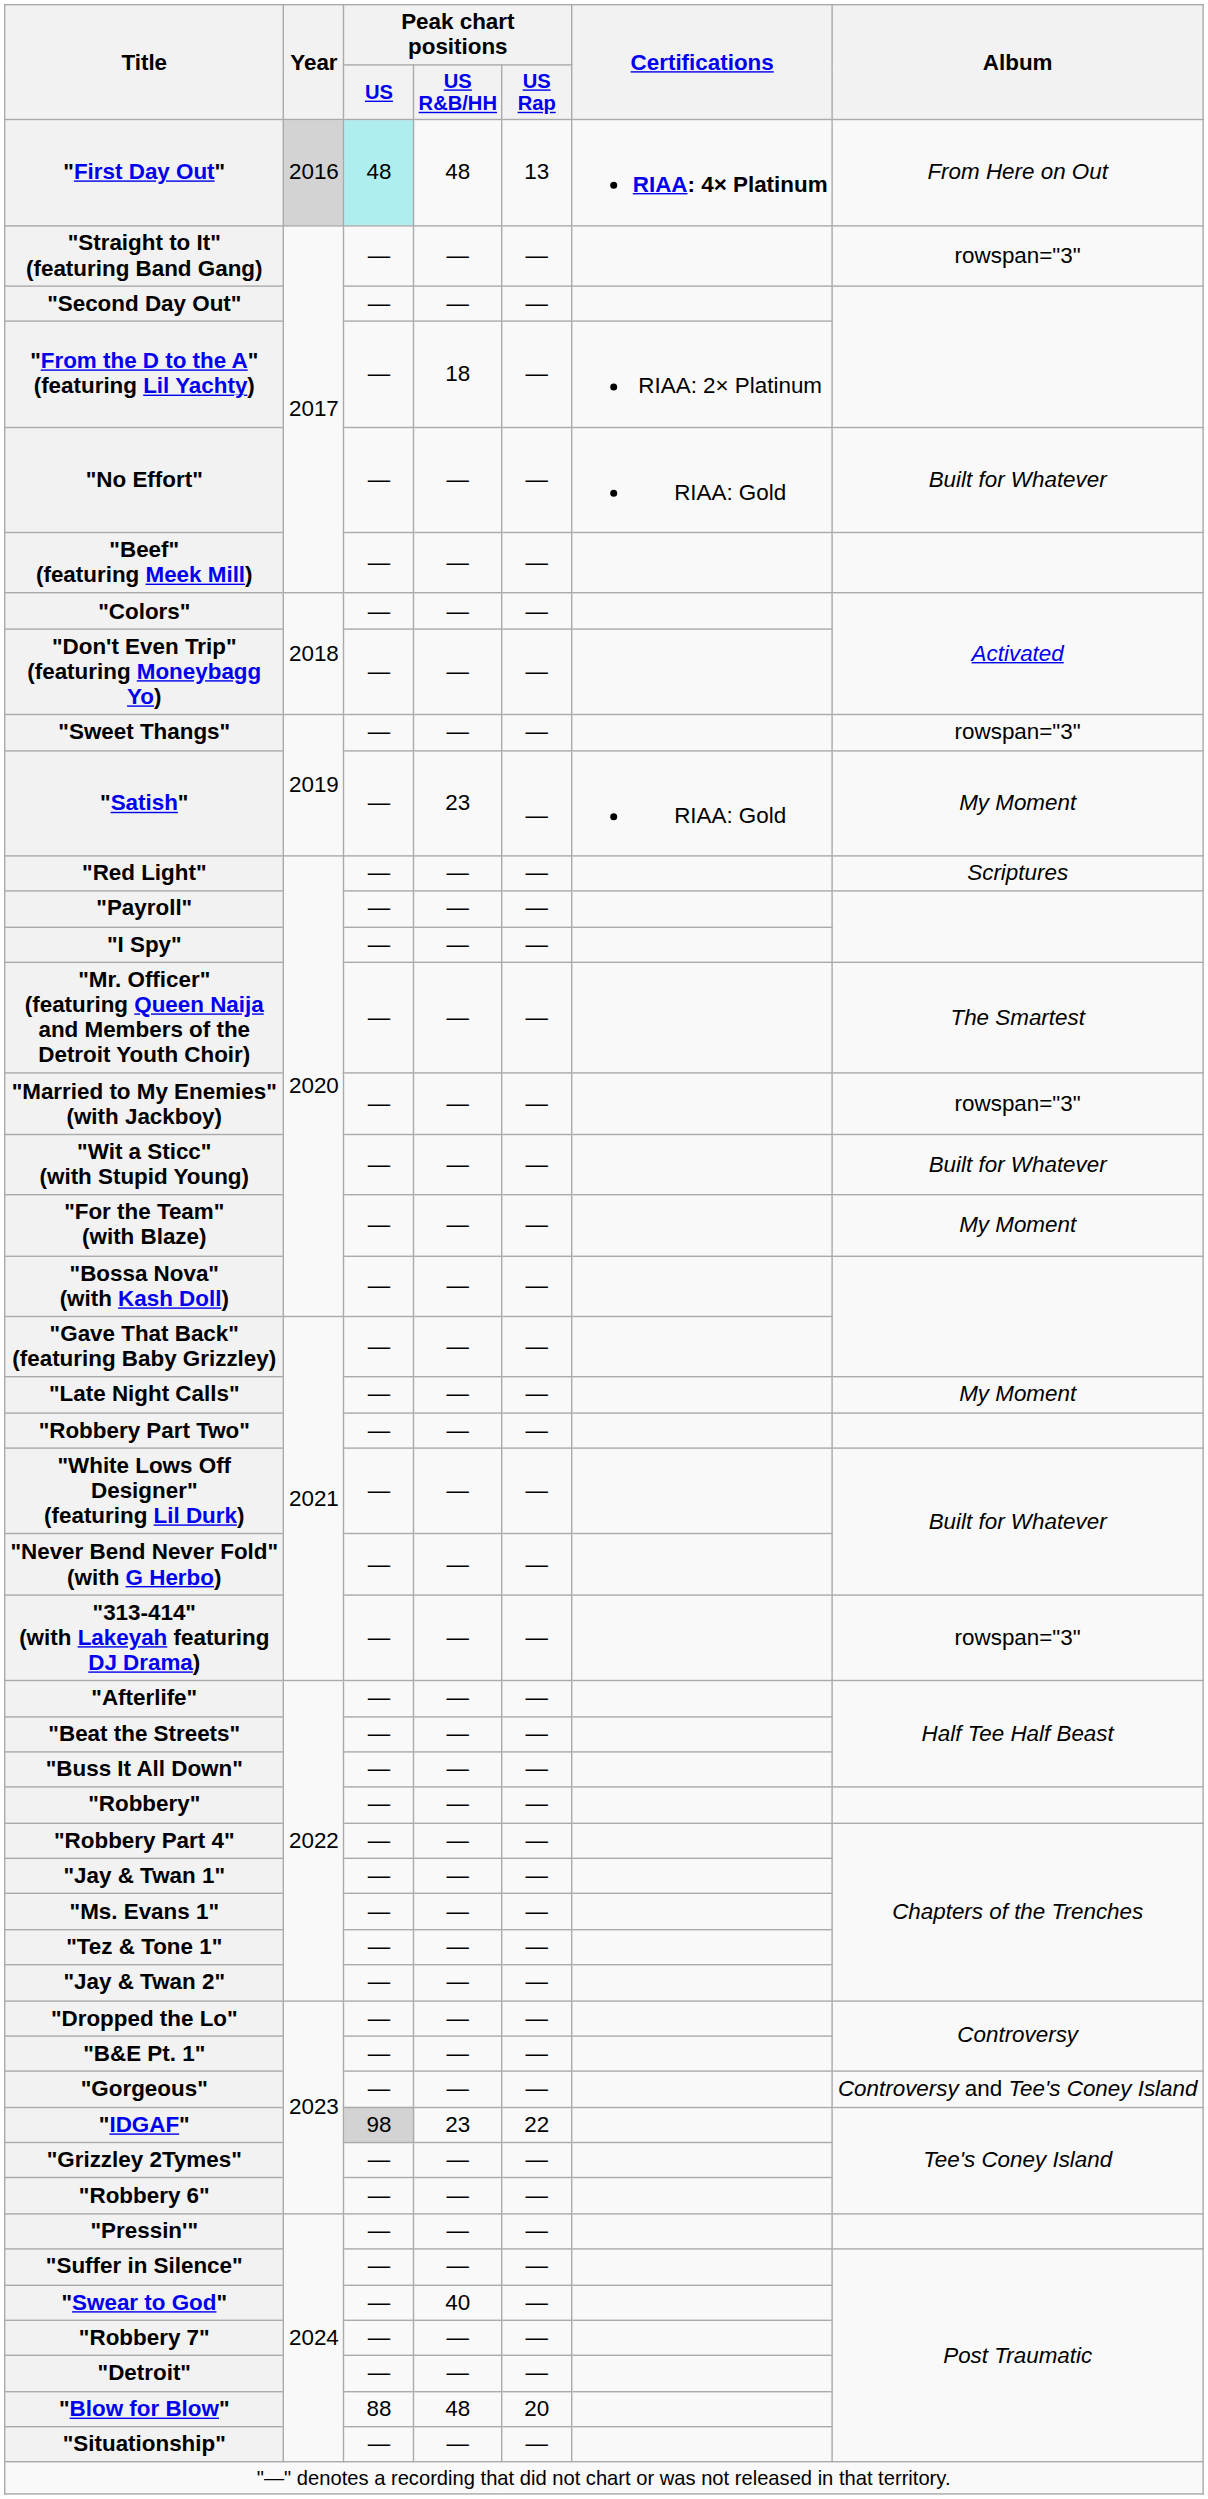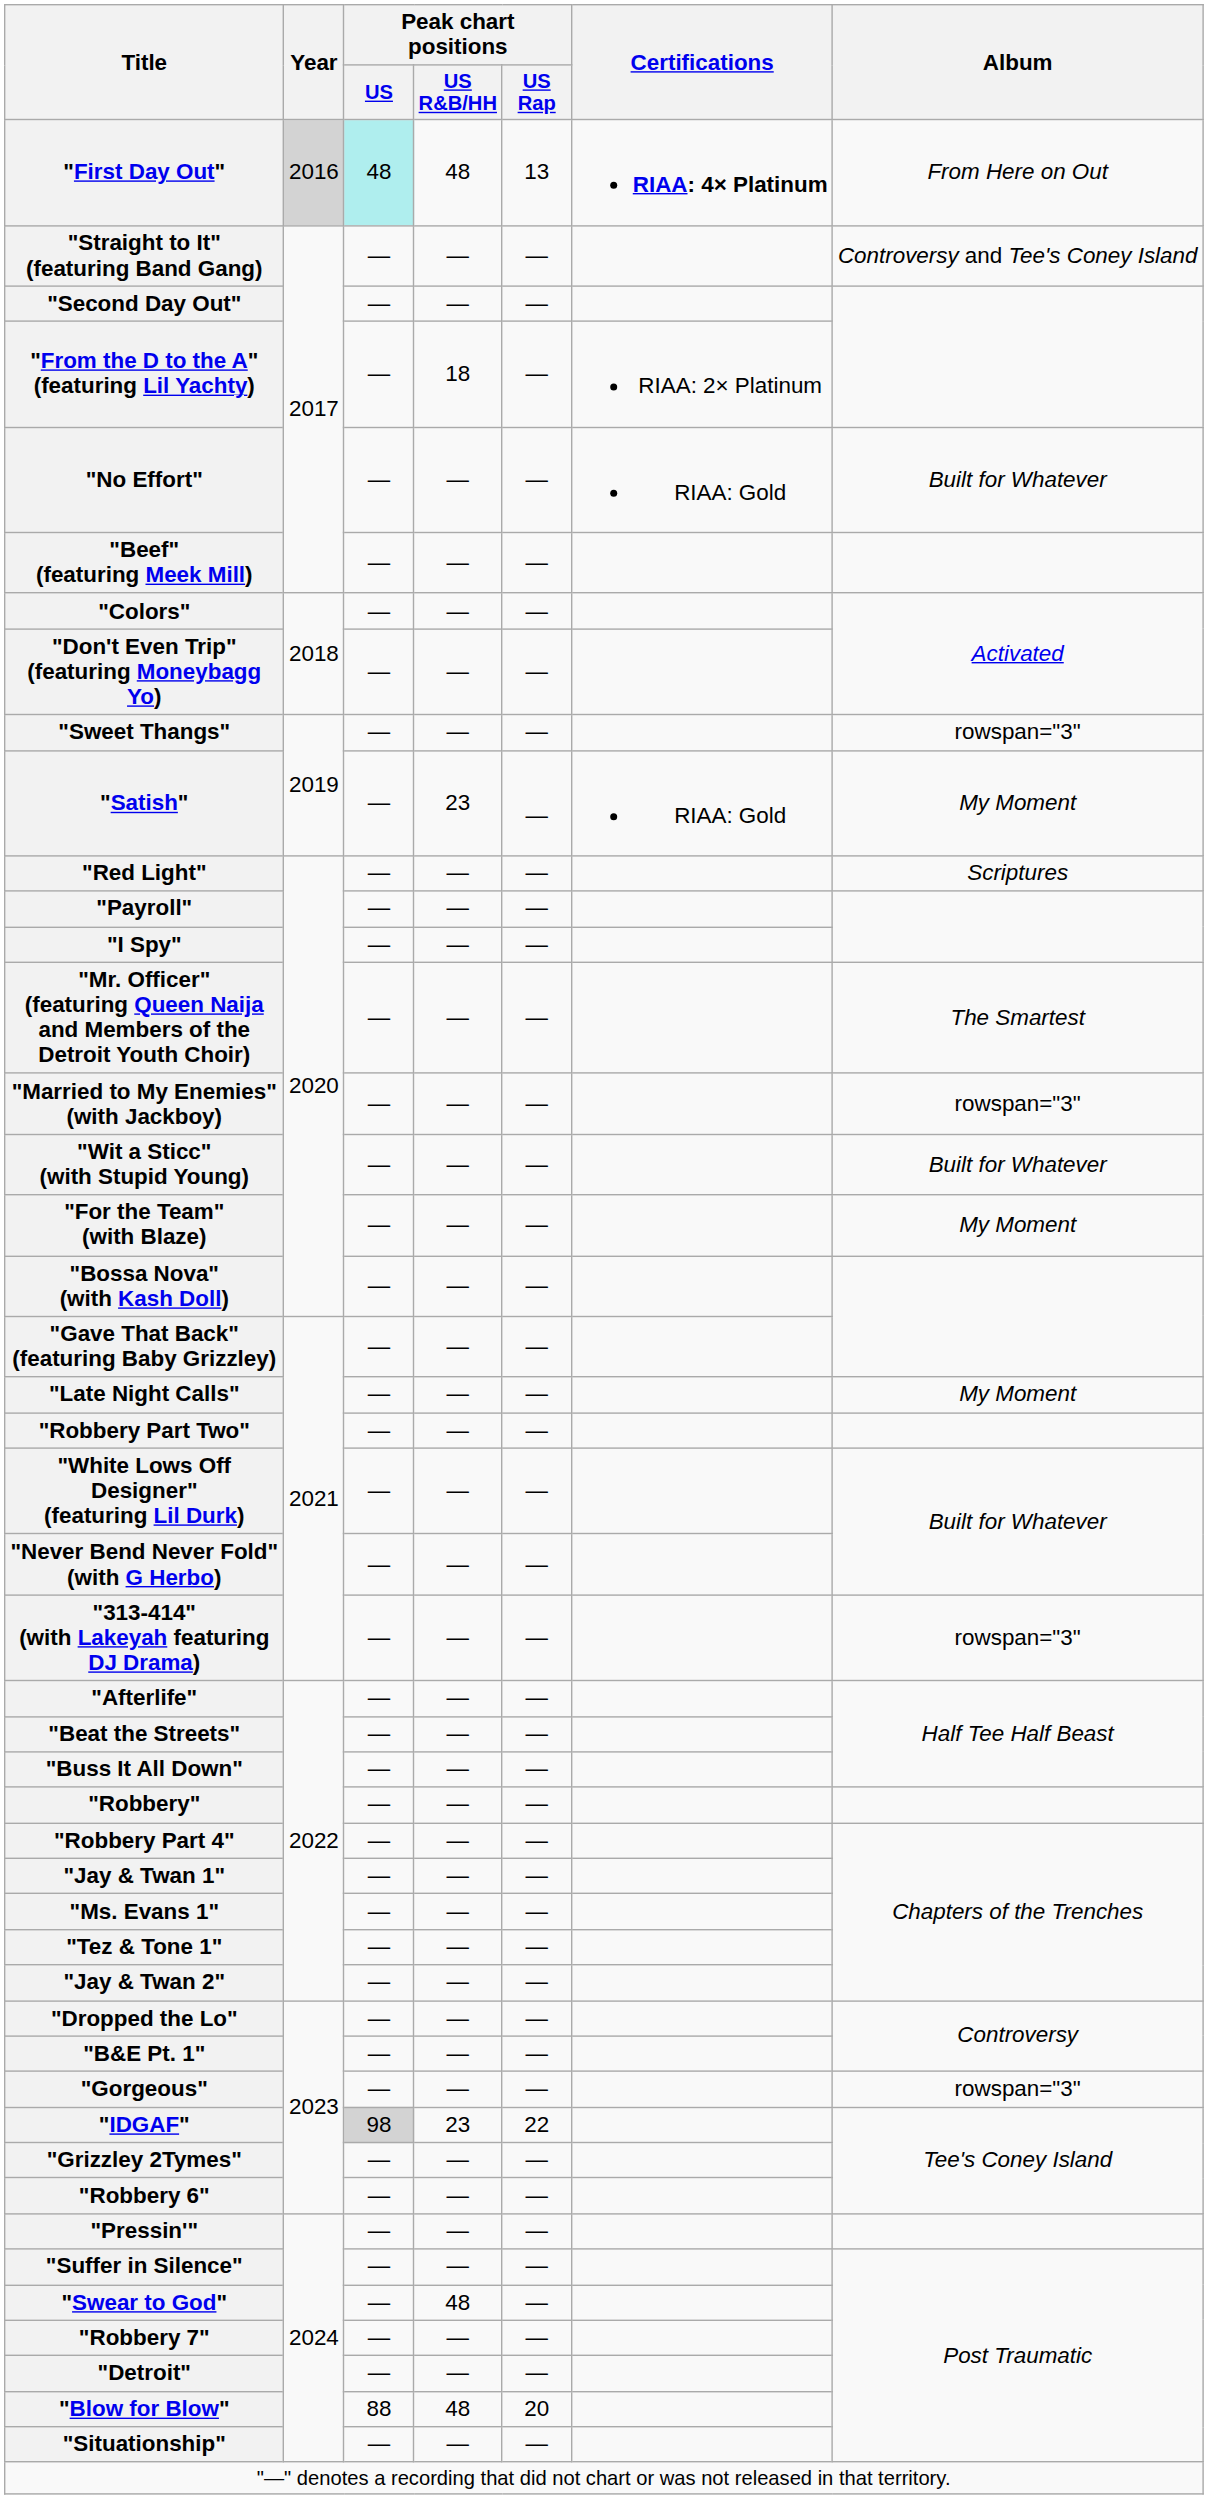 <table class="wikitable plainrowheaders" style="text-align:center;">
 <tr>
 <th scope="col" rowspan="2" style="width:12em;">Title</th>
 <th scope="col" rowspan="2">Year</th>
 <th scope="col" colspan="3">Peak chart positions</th>
 <th scope="col" rowspan="2"><a href='#'>Certifications</a></th>
 <th scope="col" rowspan="2">Album</th>
 </tr>
 <tr>
 <th scope="col" style="width:3em;font-size:90%;"><a href='#'>US</a><br></th>
 <th scope="col" style="width:3em;font-size:90%;"><a href='#'>US<br>R&B/HH</a><br></th>
 <th scope="col" style="width:3em;font-size:90%;"><a href='#'>US<br>Rap</a><br></th>
 </tr>
 <tr>
 <th scope="row">"<a href='#'>First Day Out</a>"<br></th>
 <td style="background: lightgrey;">2016</td>
 <td style="background: paleturquoise;">48</td>
 <td>48</td>
 <td>13</td>
 <td><strong><br><ul><li><a href='#'>RIAA</a>: 4× Platinum</li></ul></strong></td>
 <td><em>From Here on Out</em></td>
 </tr>
 <tr>
 <th scope="row">"Straight to It"<br><span>(featuring Band Gang)</span></th>
 <td rowspan="5">2017</td>
 <td>—</td>
 <td>—</td>
 <td>—</td>
 <td></td>
-<td>rowspan="3" </td>
+<td><em>Controversy</em> and <em>Tee's Coney Island</em></td>
 </tr>
 <tr>
 <th scope="row">"Second Day Out"</th>
 <td>—</td>
 <td>—</td>
 <td>—</td>
 <td></td>
 </tr>
 <tr>
 <th scope="row">"<a href='#'>From the D to the A</a>"<br><span>(featuring <a href='#'>Lil Yachty</a>)</span></th>
 <td>—</td>
 <td>18</td>
 <td>—</td>
 <td><br><ul><li>RIAA: 2× Platinum</li></ul></td>
 </tr>
 <tr>
 <th scope="row">"No Effort"</th>
 <td>—</td>
 <td>—</td>
 <td>—</td>
 <td><br><ul><li>RIAA: Gold</li></ul></td>
 <td><em>Built for Whatever</em></td>
 </tr>
 <tr>
 <th scope="row">"Beef"<br><span>(featuring <a href='#'>Meek Mill</a>)</span></th>
 <td>—</td>
 <td>—</td>
 <td>—</td>
 <td></td>
 <td></td>
 </tr>
 <tr>
 <th scope="row">"Colors"</th>
 <td rowspan="2">2018</td>
 <td>—</td>
 <td>—</td>
 <td>—</td>
 <td></td>
 <td rowspan="2"><em><a href='#'>Activated</a></em></td>
 </tr>
 <tr>
 <th scope="row">"Don't Even Trip"<br><span>(featuring <a href='#'>Moneybagg Yo</a>)</span></th>
 <td>—</td>
 <td>—</td>
 <td>—</td>
 <td></td>
 </tr>
 <tr>
 <th scope="row">"Sweet Thangs"</th>
 <td rowspan="2">2019</td>
 <td>—</td>
 <td>—</td>
 <td>—</td>
 <td></td>
 <td>rowspan="3" </td>
 </tr>
 <tr>
 <th scope="row">"<a href='#'>Satish</a>"</th>
 <td>—</td>
 <td>23</td>
 <td><br>—</td>
 <td><br><ul><li>RIAA: Gold</li></ul></td>
 <td><em>My Moment</em></td>
 </tr>
 <tr>
 <th scope="row">"Red Light"</th>
 <td rowspan="8">2020</td>
 <td>—</td>
 <td>—</td>
 <td>—</td>
 <td></td>
 <td><em>Scriptures</em></td>
 </tr>
 <tr>
 <th scope="row">"Payroll"</th>
 <td>—</td>
 <td>—</td>
 <td>—</td>
 <td></td>
 </tr>
 <tr>
 <th scope="row">"I Spy"</th>
 <td>—</td>
 <td>—</td>
 <td>—</td>
 <td></td>
 </tr>
 <tr>
 <th scope="row">"Mr. Officer"<br><span>(featuring <a href='#'>Queen Naija</a> and Members of the Detroit Youth Choir)</span></th>
 <td>—</td>
 <td>—</td>
 <td>—</td>
 <td></td>
 <td><em>The Smartest</em></td>
 </tr>
 <tr>
 <th scope="row">"Married to My Enemies"<br><span>(with Jackboy)</span></th>
 <td>—</td>
 <td>—</td>
 <td>—</td>
 <td></td>
 <td>rowspan="3" </td>
 </tr>
 <tr>
 <th scope="row">"Wit a Sticc"<br><span>(with Stupid Young)</span></th>
 <td>—</td>
 <td>—</td>
 <td>—</td>
 <td></td>
 <td><em>Built for Whatever</em></td>
 </tr>
 <tr>
 <th scope="row">"For the Team"<br><span>(with Blaze)</span></th>
 <td>—</td>
 <td>—</td>
 <td>—</td>
 <td></td>
 <td><em>My Moment</em></td>
 </tr>
 <tr>
 <th scope="row">"Bossa Nova"<br><span>(with <a href='#'>Kash Doll</a>)</span></th>
 <td>—</td>
 <td>—</td>
 <td>—</td>
 <td></td>
 </tr>
 <tr>
 <th scope="row">"Gave That Back"<br><span>(featuring Baby Grizzley)</span></th>
 <td rowspan="6">2021</td>
 <td>—</td>
 <td>—</td>
 <td>—</td>
 <td></td>
 </tr>
 <tr>
 <th scope="row">"Late Night Calls"</th>
 <td>—</td>
 <td>—</td>
 <td>—</td>
 <td></td>
 <td><em>My Moment</em></td>
 </tr>
 <tr>
 <th scope="row">"Robbery Part Two"</th>
 <td>—</td>
 <td>—</td>
 <td>—</td>
 <td></td>
 <td></td>
 </tr>
 <tr>
 <th scope="row">"White Lows Off Designer"<br><span>(featuring <a href='#'>Lil Durk</a>)</span></th>
 <td>—</td>
 <td>—</td>
 <td>—</td>
 <td></td>
 <td rowspan="2"><em>Built for Whatever</em></td>
 </tr>
 <tr>
 <th scope="row">"Never Bend Never Fold"<br><span>(with <a href='#'>G Herbo</a>)</span></th>
 <td>—</td>
 <td>—</td>
 <td>—</td>
 <td></td>
 </tr>
 <tr>
 <th scope="row">"313-414"<br><span>(with <a href='#'>Lakeyah</a> featuring <a href='#'>DJ Drama</a>)</span></th>
 <td>—</td>
 <td>—</td>
 <td>—</td>
 <td></td>
 <td>rowspan="3" </td>
 </tr>
 <tr>
 <th scope="row">"Afterlife"</th>
 <td rowspan="9">2022</td>
 <td>—</td>
 <td>—</td>
 <td>—</td>
 <td></td>
 <td rowspan="3"><em>Half Tee Half Beast</em></td>
 </tr>
 <tr>
 <th scope="row">"Beat the Streets"</th>
 <td>—</td>
 <td>—</td>
 <td>—</td>
 <td></td>
 </tr>
 <tr>
 <th scope="row">"Buss It All Down"</th>
 <td>—</td>
 <td>—</td>
 <td>—</td>
 <td></td>
 </tr>
 <tr>
 <th scope="row">"Robbery"</th>
 <td>—</td>
 <td>—</td>
 <td>—</td>
 <td></td>
 <td></td>
 </tr>
 <tr>
 <th scope="row">"Robbery Part 4"</th>
 <td>—</td>
 <td>—</td>
 <td>—</td>
 <td></td>
 <td rowspan="5"><em>Chapters of the Trenches</em></td>
 </tr>
 <tr>
 <th scope="row">"Jay & Twan 1"</th>
 <td>—</td>
 <td>—</td>
 <td>—</td>
 <td></td>
 </tr>
 <tr>
 <th scope="row">"Ms. Evans 1"</th>
 <td>—</td>
 <td>—</td>
 <td>—</td>
 <td></td>
 </tr>
 <tr>
 <th scope="row">"Tez & Tone 1"</th>
 <td>—</td>
 <td>—</td>
 <td>—</td>
 <td></td>
 </tr>
 <tr>
 <th scope="row">"Jay & Twan 2"</th>
 <td>—</td>
 <td>—</td>
 <td>—</td>
 <td></td>
 </tr>
 <tr>
 <th scope="row">"Dropped the Lo" </th>
 <td rowspan="6">2023</td>
 <td>—</td>
 <td>—</td>
 <td>—</td>
 <td></td>
 <td rowspan="2"><em>Controversy</em></td>
 </tr>
 <tr>
 <th scope="row">"B&E Pt. 1" </th>
 <td>—</td>
 <td>—</td>
 <td>—</td>
 <td></td>
 </tr>
 <tr>
 <th scope="row">"Gorgeous" </th>
 <td>—</td>
 <td>—</td>
 <td>—</td>
 <td></td>
-<td><em>Controversy</em> and <em>Tee's Coney Island</em></td>
+<td>rowspan="3" </td>
 </tr>
 <tr>
 <th scope="row">"<a href='#'>IDGAF</a>" </th>
 <td style="background: lightgrey;">98</td>
 <td>23</td>
 <td>22</td>
 <td></td>
 <td rowspan="3"><em>Tee's Coney Island</em></td>
 </tr>
 <tr>
 <th scope="row">"Grizzley 2Tymes" </th>
 <td>—</td>
 <td>—</td>
 <td>—</td>
 <td></td>
 </tr>
 <tr>
 <th scope="row">"Robbery 6"</th>
 <td>—</td>
 <td>—</td>
 <td>—</td>
 <td></td>
 </tr>
 <tr>
 <th scope="row">"Pressin'" </th>
 <td rowspan="7">2024</td>
 <td>—</td>
 <td>—</td>
 <td>—</td>
 <td></td>
 <td></td>
 </tr>
 <tr>
 <th scope="row">"Suffer in Silence"</th>
 <td>—</td>
 <td>—</td>
 <td>—</td>
 <td></td>
 <td rowspan="6"><em>Post Traumatic</em></td>
 </tr>
 <tr>
 <th scope="row">"<a href='#'>Swear to God</a>" </th>
 <td>—</td>
-<td>40</td>
+<td>48</td>
 <td>—</td>
 <td></td>
 </tr>
 <tr>
 <th scope="row">"Robbery 7"</th>
 <td>—</td>
 <td>—</td>
 <td>—</td>
 <td></td>
 </tr>
 <tr>
 <th scope="row">"Detroit" </th>
 <td>—</td>
 <td>—</td>
 <td>—</td>
 <td></td>
 </tr>
 <tr>
 <th scope="row">"<a href='#'>Blow for Blow</a>" </th>
 <td>88</td>
 <td>48</td>
 <td>20</td>
 <td></td>
 </tr>
 <tr>
 <th scope="row">"Situationship" </th>
 <td>—</td>
 <td>—</td>
 <td>—</td>
 <td></td>
 </tr>
 <tr>
 <td colspan="20" style="font-size:90%">"—" denotes a recording that did not chart or was not released in that territory.</td>
 </tr>
 </table>
